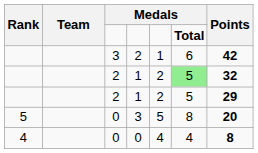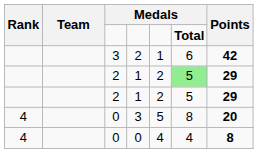 <table class="wikitable">
 <tr>
 <th rowspan=2>Rank</th>
 <th style="width:70px;" rowspan="2">Team</th>
 <th colspan=4>Medals</th>
 <th rowspan=2>Points</th>
 </tr>
 <tr>
 <td style="width:20px; text-align:center;"></td>
 <td style="width:20px; text-align:center;"></td>
 <td style="width:20px; text-align:center;"></td>
 <td><strong>Total</strong></td>
 </tr>
 <tr>
 <td align=center></td>
 <td></td>
 <td align=center>3</td>
 <td align=center>2</td>
 <td align=center>1</td>
 <td align=center>6</td>
 <td align=center><strong>42</strong></td>
 </tr>
 <tr>
 <td align=center></td>
 <td></td>
 <td align=center>2</td>
 <td align=center>1</td>
 <td align=center>2</td>
 <td align=center style="background: lightgreen;">5</td>
-<td align=center><strong>32</strong></td>
+<td align=center><strong>29</strong></td>
 </tr>
 <tr>
 <td align=center></td>
 <td></td>
 <td align=center>2</td>
 <td align=center>1</td>
 <td align=center>2</td>
 <td align=center>5</td>
 <td align=center><strong>29</strong></td>
 </tr>
 <tr>
-<td align=center>5</td>
+<td align=center>4</td>
 <td></td>
 <td align=center>0</td>
 <td align=center>3</td>
 <td align=center>5</td>
 <td align=center>8</td>
 <td align=center><strong>20</strong></td>
 </tr>
 <tr>
 <td align=center>4</td>
 <td></td>
 <td align=center>0</td>
 <td align=center>0</td>
 <td align=center>4</td>
 <td align=center>4</td>
 <td align=center><strong>8</strong></td>
 </tr>
 </table>
